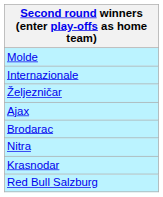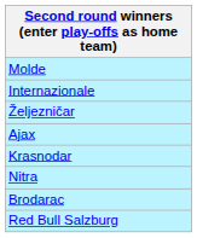 <table class="wikitable">
 <tr>
 <th width=210><a href='#'>Second round</a> winners<br>(enter <a href='#'>play-offs</a> as home team)</th>
 </tr>
 <tr>
 <td bgcolor=#BBF3FF> <a href='#'>Molde</a></td>
 </tr>
 <tr>
 <td bgcolor=#BBF3FF> <a href='#'>Internazionale</a></td>
 </tr>
 <tr>
 <td bgcolor=#BBF3FF> <a href='#'>Željezničar</a></td>
 </tr>
 <tr>
 <td bgcolor=#BBF3FF> <a href='#'>Ajax</a></td>
 </tr>
 <tr>
-<td bgcolor=#BBF3FF> <a href='#'>Brodarac</a></td>
+<td bgcolor=#BBF3FF> <a href='#'>Krasnodar</a></td>
 </tr>
 <tr>
 <td bgcolor=#BBF3FF> <a href='#'>Nitra</a></td>
 </tr>
 <tr>
-<td bgcolor=#BBF3FF> <a href='#'>Krasnodar</a></td>
+<td bgcolor=#BBF3FF> <a href='#'>Brodarac</a></td>
 </tr>
 <tr>
 <td bgcolor=#BBF3FF> <a href='#'>Red Bull Salzburg</a></td>
 </tr>
 </table>
